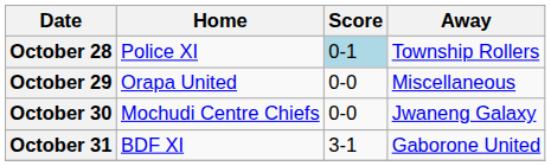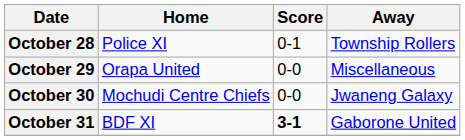 <table class="wikitable sortable plainrowheaders">
 <tr>
 <th scope="col">Date</th>
 <th scope="col">Home</th>
 <th scope="col">Score</th>
 <th scope="col">Away</th>
 </tr>
 <tr>
 <th scope="row">October 28</th>
 <td><a href='#'>Police XI</a></td>
-<td style="background: lightblue;">0-1</td>
+<td>0-1</td>
 <td><a href='#'>Township Rollers</a></td>
 </tr>
 <tr>
 <th scope="row">October 29</th>
 <td><a href='#'>Orapa United</a></td>
 <td>0-0</td>
 <td><a href='#'>Miscellaneous</a></td>
 </tr>
 <tr>
 <th scope="row">October 30</th>
 <td><a href='#'>Mochudi Centre Chiefs</a></td>
 <td>0-0</td>
 <td><a href='#'>Jwaneng Galaxy</a></td>
 </tr>
 <tr>
 <th scope="row">October 31</th>
 <td><a href='#'>BDF XI</a></td>
-<td>3-1</td>
+<td><strong>3-1</strong></td>
 <td><a href='#'>Gaborone United</a></td>
 </tr>
 <tr>
 </tr>
 </table>
